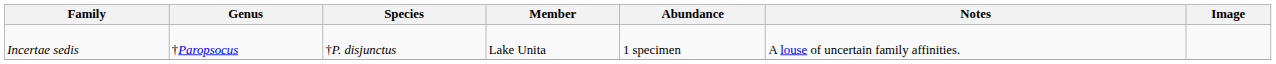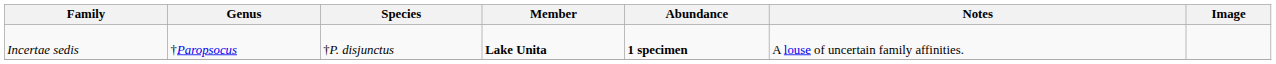 <table class="wikitable" style="margin:auto;width:100%;">
 <tr>
 <th>Family</th>
 <th>Genus</th>
 <th>Species</th>
 <th>Member</th>
 <th>Abundance</th>
 <th>Notes</th>
 <th>Image</th>
 </tr>
 <tr>
 <td><br><em>Incertae sedis</em></td>
 <td><br>†<em><a href='#'>Paropsocus</a></em></td>
 <td><br>†<em>P. disjunctus</em> </td>
-<td><br>Lake Unita</td>
-<td><br>1 specimen</td>
+<td><strong><br>Lake Unita</strong></td>
+<td><strong><br>1 specimen</strong></td>
 <td><br>A <a href='#'>louse</a> of uncertain family affinities.</td>
 <td><br></td>
 </tr>
 <tr>
 </tr>
 </table>
